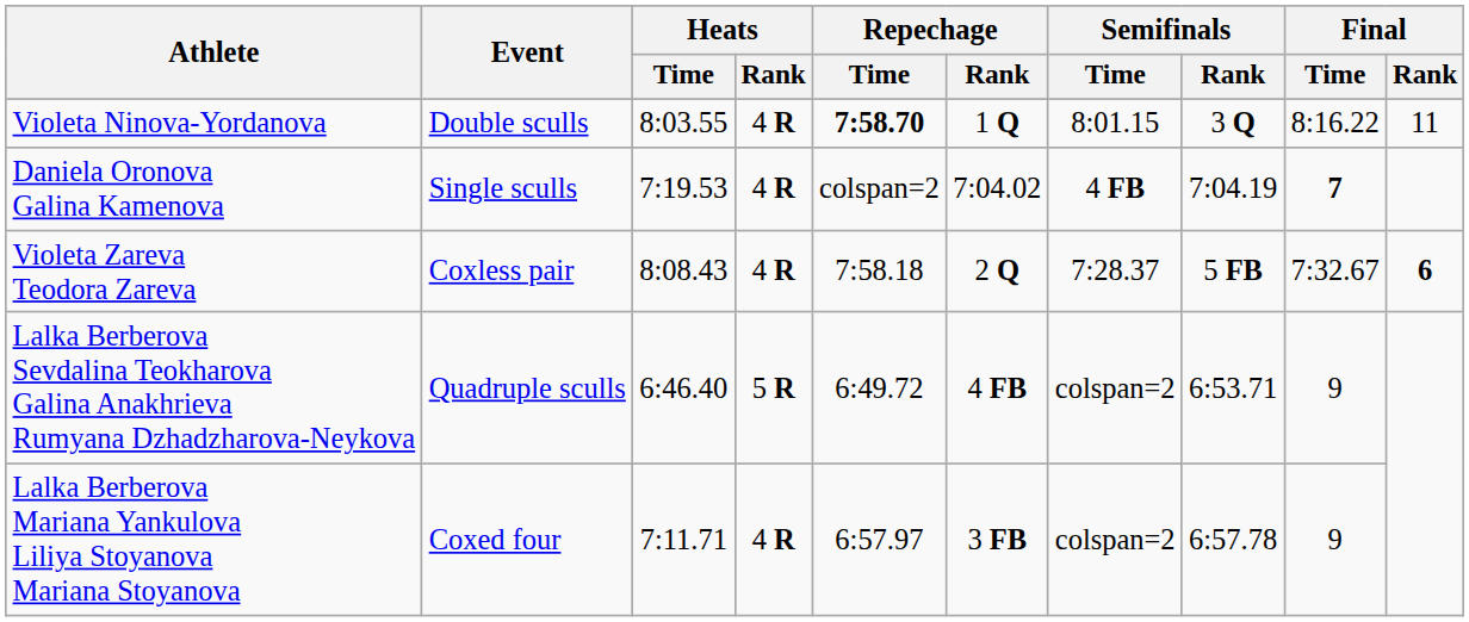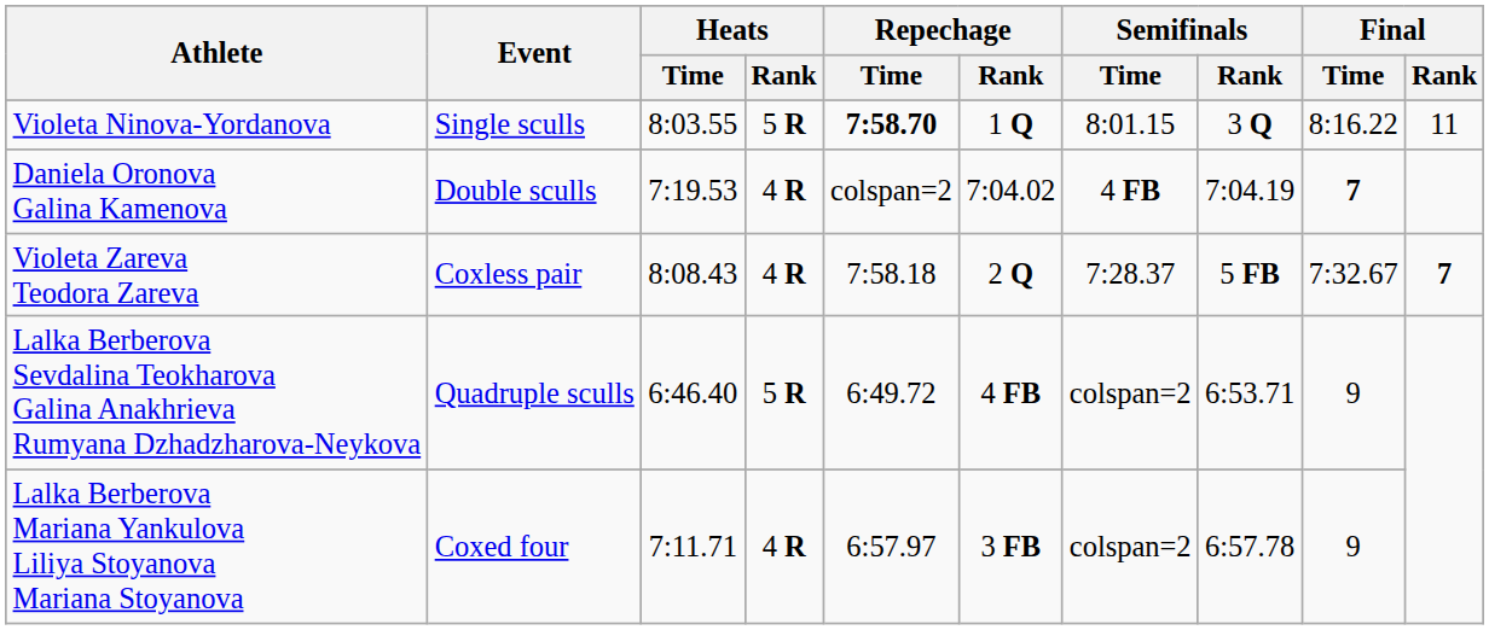 <table class="wikitable" style="font-size:90%; text-align:center;">
 <tr>
 <th rowspan="2">Athlete</th>
 <th rowspan="2">Event</th>
 <th colspan="2">Heats</th>
 <th colspan="2">Repechage</th>
 <th colspan="2">Semifinals</th>
 <th colspan="2">Final</th>
 </tr>
 <tr style="font-size:95%">
 <th>Time</th>
 <th>Rank</th>
 <th>Time</th>
 <th>Rank</th>
 <th>Time</th>
 <th>Rank</th>
 <th>Time</th>
 <th>Rank</th>
 </tr>
 <tr>
 <td align=left><a href='#'>Violeta Ninova-Yordanova</a></td>
-<td align=left><a href='#'>Double sculls</a></td>
+<td align=left><a href='#'>Single sculls</a></td>
 <td>8:03.55</td>
-<td>4 <strong>R</strong></td>
+<td>5 <strong>R</strong></td>
 <td><strong>7:58.70</strong></td>
 <td>1 <strong>Q</strong></td>
 <td>8:01.15</td>
 <td>3 <strong>Q</strong></td>
 <td>8:16.22</td>
 <td>11</td>
 </tr>
 <tr>
 <td align=left><a href='#'>Daniela Oronova</a><br><a href='#'>Galina Kamenova</a></td>
-<td align=left><a href='#'>Single sculls</a></td>
+<td align=left><a href='#'>Double sculls</a></td>
 <td>7:19.53</td>
 <td>4 <strong>R</strong></td>
 <td>colspan=2 </td>
 <td>7:04.02</td>
 <td>4 <strong>FB</strong></td>
 <td>7:04.19</td>
 <td><strong>7</strong></td>
 </tr>
 <tr>
 <td align=left><a href='#'>Violeta Zareva</a><br><a href='#'>Teodora Zareva</a></td>
 <td align=left><a href='#'>Coxless pair</a></td>
 <td>8:08.43</td>
 <td>4 <strong>R</strong></td>
 <td>7:58.18</td>
 <td>2 <strong>Q</strong></td>
 <td>7:28.37</td>
 <td>5 <strong>FB</strong></td>
 <td>7:32.67</td>
-<td><strong>6</strong></td>
+<td><strong>7</strong></td>
 </tr>
 <tr>
 <td align=left><a href='#'>Lalka Berberova</a><br><a href='#'>Sevdalina Teokharova</a> <br><a href='#'>Galina Anakhrieva</a> <br><a href='#'>Rumyana Dzhadzharova-Neykova</a></td>
 <td align=left><a href='#'>Quadruple sculls</a></td>
 <td>6:46.40</td>
 <td>5 <strong>R</strong></td>
 <td>6:49.72</td>
 <td>4 <strong>FB</strong></td>
 <td>colspan=2 </td>
 <td>6:53.71</td>
 <td>9</td>
 </tr>
 <tr>
 <td align=left><a href='#'>Lalka Berberova</a><br><a href='#'>Mariana Yankulova</a><br><a href='#'>Liliya Stoyanova</a><br><a href='#'>Mariana Stoyanova</a></td>
 <td align=left><a href='#'>Coxed four</a></td>
 <td>7:11.71</td>
 <td>4 <strong>R</strong></td>
 <td>6:57.97</td>
 <td>3 <strong>FB</strong></td>
 <td>colspan=2 </td>
 <td>6:57.78</td>
 <td>9</td>
 </tr>
 </table>
